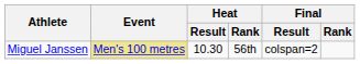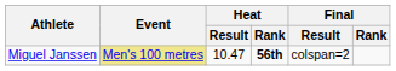 <table class="wikitable" style="text-align:center; font-size:90%">
 <tr>
 <th rowspan="2">Athlete</th>
 <th rowspan="2">Event</th>
 <th colspan="2">Heat</th>
 <th colspan="2">Final</th>
 </tr>
 <tr>
 <th>Result</th>
 <th>Rank</th>
 <th>Result</th>
 <th>Rank</th>
 </tr>
 <tr>
 <td><a href='#'>Miguel Janssen</a></td>
 <td style="background: khaki;"><a href='#'>Men's 100 metres</a></td>
-<td>10.30</td>
-<td>56th</td>
+<td>10.47</td>
+<td><strong>56th</strong></td>
 <td>colspan=2</td>
 </tr>
 </table>
